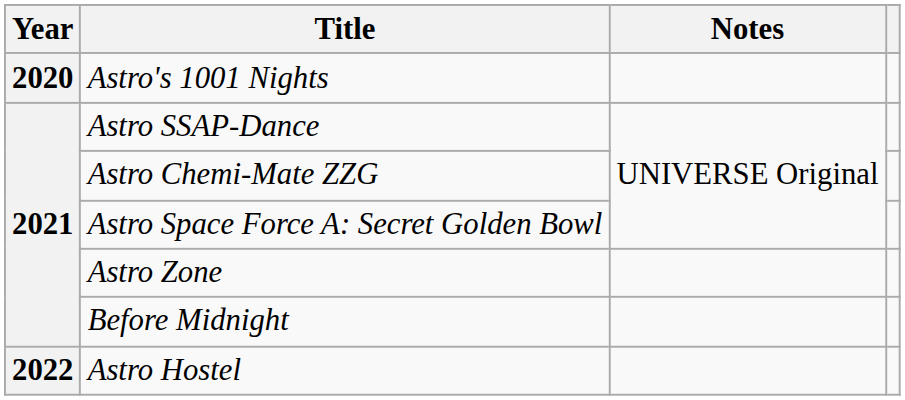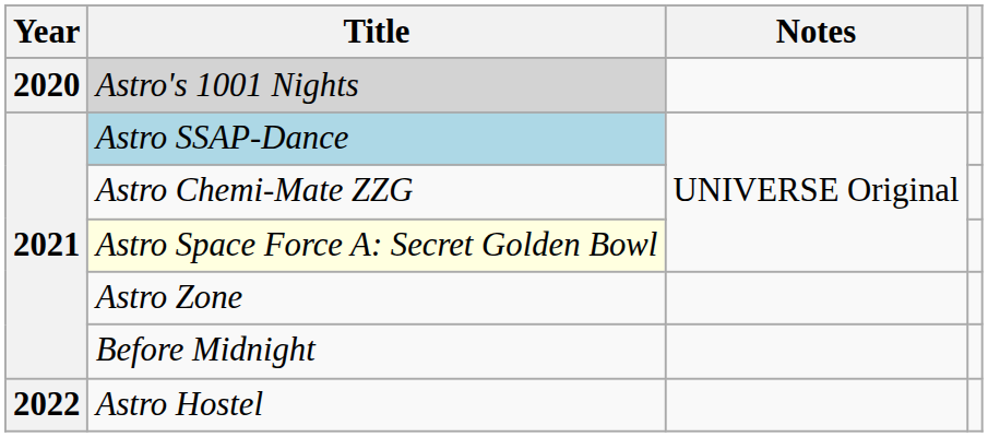 <table class="wikitable sortable plainrowheaders">
 <tr>
 <th scope="col">Year</th>
 <th scope="col">Title</th>
 <th scope="col">Notes</th>
 <th scope="col" class="unsortable"></th>
 </tr>
 <tr>
 <th scope="row">2020</th>
-<td><em>Astro's 1001 Nights</em></td>
+<td style="background: lightgrey;"><em>Astro's 1001 Nights</em></td>
 <td></td>
 <td align="center"></td>
 </tr>
 <tr>
 <th scope="row" rowspan="5">2021</th>
-<td><em>Astro SSAP-Dance</em></td>
+<td style="background: lightblue;"><em>Astro SSAP-Dance</em></td>
 <td rowspan="3">UNIVERSE Original</td>
 <td align="center"></td>
 </tr>
 <tr>
 <td><em>Astro Chemi-Mate ZZG</em></td>
 <td align="center"></td>
 </tr>
 <tr>
-<td><em>Astro Space Force A: Secret Golden Bowl</em></td>
+<td style="background: lightyellow;"><em>Astro Space Force A: Secret Golden Bowl</em></td>
 <td align="center"></td>
 </tr>
 <tr>
 <td><em>Astro Zone</em></td>
 <td></td>
 <td align="center"></td>
 </tr>
 <tr>
 <td><em>Before Midnight</em></td>
 <td></td>
 <td align="center"></td>
 </tr>
 <tr>
 <th scope="row">2022</th>
 <td><em>Astro Hostel</em></td>
 <td></td>
 <td align="center"></td>
 </tr>
 </table>
